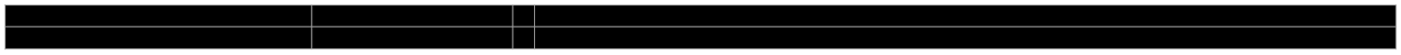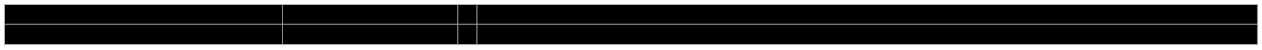 <table class="wikitable" width="80%">
 <tr align="center" bgcolor=" ">
 <td>Kate Monihan</td>
 <td>Defense</td>
 <td></td>
 <td>Played for USA U-18 National Team</td>
 </tr>
 <tr align="center" bgcolor=" ">
 <td>Stef Wallace</td>
-<td><strong>Defense</strong></td>
+<td>Defense</td>
 <td></td>
 <td>Played for Canadian U-18 National Team</td>
 </tr>
 </table>
